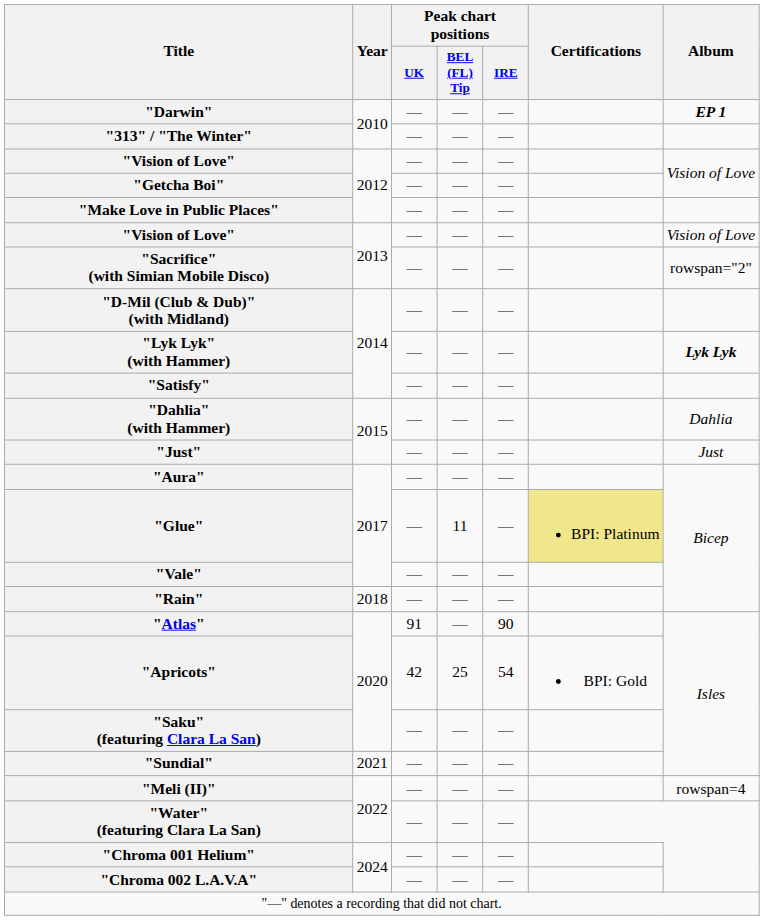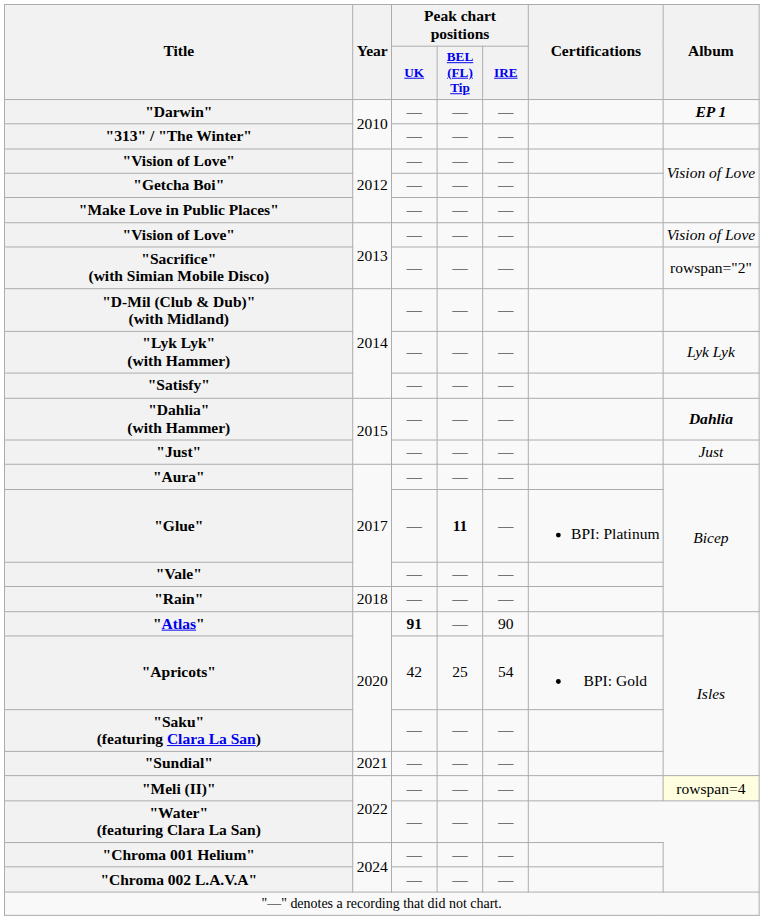 <table class="wikitable plainrowheaders" style="text-align:center;">
 <tr>
 <th scope="col" rowspan="2" style="width:22em;">Title</th>
 <th scope="col" rowspan="2" style="width:1em;">Year</th>
 <th scope="col" colspan="3">Peak chart positions</th>
 <th scope="col" rowspan="2">Certifications</th>
 <th scope="col" rowspan="2">Album</th>
 </tr>
 <tr>
 <th scope="col" style="width:3em;font-size:85%;"><a href='#'>UK</a><br></th>
 <th scope="col" style="width:3em;font-size:85%;"><a href='#'>BEL<br>(FL)<br>Tip</a><br></th>
 <th scope="col" style="width:3em;font-size:85%;"><a href='#'>IRE</a><br></th>
 </tr>
 <tr>
 <th scope="row">"Darwin"</th>
 <td rowspan="2">2010</td>
 <td>—</td>
 <td>—</td>
 <td>—</td>
 <td></td>
 <td><strong><em>EP 1</em></strong></td>
 </tr>
 <tr>
 <th scope="row">"313" / "The Winter"</th>
 <td>—</td>
 <td>—</td>
 <td>—</td>
 <td></td>
 <td></td>
 </tr>
 <tr>
 <th scope="row">"Vision of Love"</th>
 <td rowspan="3">2012</td>
 <td>—</td>
 <td>—</td>
 <td>—</td>
 <td></td>
 <td rowspan="2"><em>Vision of Love</em></td>
 </tr>
 <tr>
 <th scope="row">"Getcha Boi"</th>
 <td>—</td>
 <td>—</td>
 <td>—</td>
 <td></td>
 </tr>
 <tr>
 <th scope="row">"Make Love in Public Places"</th>
 <td>—</td>
 <td>—</td>
 <td>—</td>
 <td></td>
 <td></td>
 </tr>
 <tr>
 <th scope="row">"Vision of Love"</th>
 <td rowspan="2">2013</td>
 <td>—</td>
 <td>—</td>
 <td>—</td>
 <td></td>
 <td><em>Vision of Love</em></td>
 </tr>
 <tr>
 <th scope="row">"Sacrifice" <br><span>(with Simian Mobile Disco)</span></th>
 <td>—</td>
 <td>—</td>
 <td>—</td>
 <td></td>
 <td>rowspan="2" </td>
 </tr>
 <tr>
 <th scope="row">"D-Mil (Club & Dub)"<br><span>(with Midland)</span></th>
 <td rowspan="3">2014</td>
 <td>—</td>
 <td>—</td>
 <td>—</td>
 <td></td>
 </tr>
 <tr>
 <th scope="row">"Lyk Lyk"<br><span>(with Hammer)</span></th>
 <td>—</td>
 <td>—</td>
 <td>—</td>
 <td></td>
-<td><strong><em>Lyk Lyk</em></strong></td>
+<td><em>Lyk Lyk</em></td>
 </tr>
 <tr>
 <th scope="row">"Satisfy"</th>
 <td>—</td>
 <td>—</td>
 <td>—</td>
 <td></td>
 <td></td>
 </tr>
 <tr>
 <th scope="row">"Dahlia"<br><span>(with Hammer)</span></th>
 <td rowspan="2">2015</td>
 <td>—</td>
 <td>—</td>
 <td>—</td>
 <td></td>
-<td><em>Dahlia</em></td>
+<td><strong><em>Dahlia</em></strong></td>
 </tr>
 <tr>
 <th scope="row">"Just"</th>
 <td>—</td>
 <td>—</td>
 <td>—</td>
 <td></td>
 <td><em>Just</em></td>
 </tr>
 <tr>
 <th scope="row">"Aura"</th>
 <td rowspan="3">2017</td>
 <td>—</td>
 <td>—</td>
 <td>—</td>
 <td></td>
 <td rowspan="4"><em>Bicep</em></td>
 </tr>
 <tr>
 <th scope="row">"Glue"</th>
 <td>—</td>
-<td>11</td>
+<td><strong>11</strong></td>
 <td>—</td>
-<td style="background: khaki;"><br><ul><li>BPI: Platinum</li></ul></td>
+<td><br><ul><li>BPI: Platinum</li></ul></td>
 </tr>
 <tr>
 <th scope="row">"Vale"</th>
 <td>—</td>
 <td>—</td>
 <td>—</td>
 <td></td>
 </tr>
 <tr>
 <th scope="row">"Rain"</th>
 <td>2018</td>
 <td>—</td>
 <td>—</td>
 <td>—</td>
 <td></td>
 </tr>
 <tr>
 <th scope="row">"<a href='#'>Atlas</a>"</th>
 <td rowspan="3">2020</td>
-<td>91</td>
+<td><strong>91</strong></td>
 <td>—</td>
 <td>90</td>
 <td></td>
 <td rowspan="4"><em>Isles</em></td>
 </tr>
 <tr>
 <th scope="row">"Apricots"</th>
 <td>42</td>
 <td>25</td>
 <td>54</td>
 <td><br><ul><li>BPI: Gold</li></ul></td>
 </tr>
 <tr>
 <th scope="row">"Saku"<br><span>(featuring <a href='#'>Clara La San</a>)</span></th>
 <td>—</td>
 <td>—</td>
 <td>—</td>
 <td></td>
 </tr>
 <tr>
 <th scope="row">"Sundial"</th>
 <td>2021</td>
 <td>—</td>
 <td>—</td>
 <td>—</td>
 <td></td>
 </tr>
 <tr>
 <th scope="row">"Meli (II)"</th>
 <td rowspan=2>2022</td>
 <td>—</td>
 <td>—</td>
 <td>—</td>
 <td></td>
-<td>rowspan=4</td>
+<td style="background: lightyellow;">rowspan=4</td>
 </tr>
 <tr>
 <th scope="row">"Water"<br><span>(featuring Clara La San)</span></th>
 <td>—</td>
 <td>—</td>
 <td>—</td>
 </tr>
 <tr>
 <th scope="row">"Chroma 001 Helium"</th>
 <td rowspan=2>2024</td>
 <td>—</td>
 <td>—</td>
 <td>—</td>
 <td></td>
 </tr>
 <tr>
 <th scope="row">"Chroma 002 L.A.V.A"</th>
 <td>—</td>
 <td>—</td>
 <td>—</td>
 <td></td>
 </tr>
 <tr>
 <td align="center" colspan="7" style="font-size:90%">"—" denotes a recording that did not chart.</td>
 </tr>
 </table>
